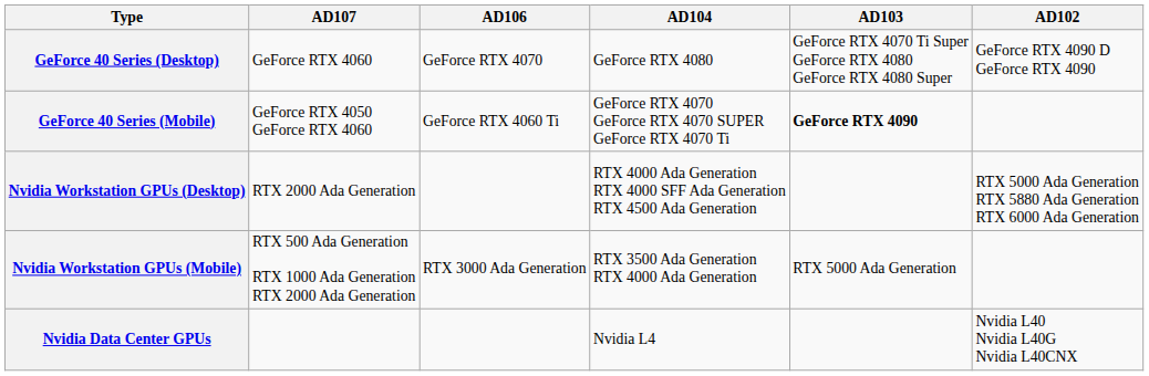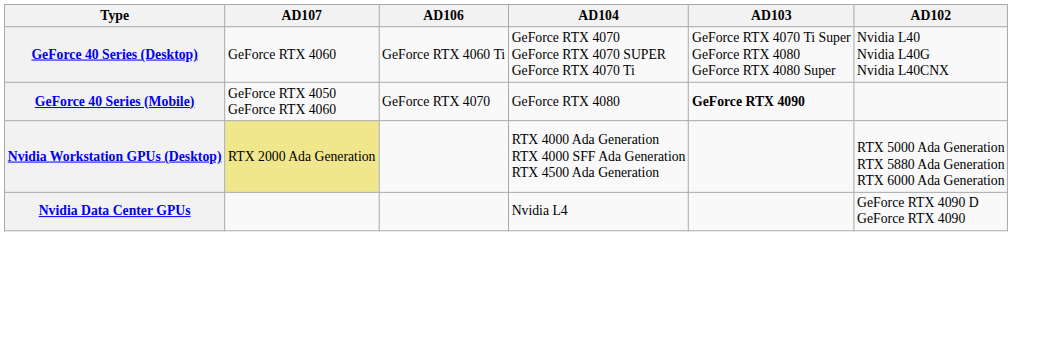 <table class="wikitable" style="font-size:85%; text-align:left;">
 <tr>
 <th>Type</th>
 <th>AD107</th>
 <th>AD106</th>
 <th>AD104</th>
 <th>AD103</th>
 <th>AD102</th>
 </tr>
 <tr>
 <th><a href='#'>GeForce 40 Series (Desktop)</a></th>
 <td>GeForce RTX 4060</td>
-<td>GeForce RTX 4070</td>
-<td>GeForce RTX 4080</td>
+<td>GeForce RTX 4060 Ti</td>
+<td>GeForce RTX 4070<br>GeForce RTX 4070 SUPER<br>GeForce RTX 4070 Ti</td>
 <td>GeForce RTX 4070 Ti Super<br>GeForce RTX 4080<br>GeForce RTX 4080 Super</td>
-<td>GeForce RTX 4090 D<br>GeForce RTX 4090</td>
+<td>Nvidia L40<br>Nvidia L40G<br>Nvidia L40CNX</td>
 </tr>
 <tr>
 <th><a href='#'>GeForce 40 Series (Mobile)</a></th>
 <td>GeForce RTX 4050<br>GeForce RTX 4060</td>
-<td>GeForce RTX 4060 Ti</td>
-<td>GeForce RTX 4070<br>GeForce RTX 4070 SUPER<br>GeForce RTX 4070 Ti</td>
+<td>GeForce RTX 4070</td>
+<td>GeForce RTX 4080</td>
 <td><strong>GeForce RTX 4090</strong></td>
 <td></td>
 </tr>
 <tr>
 <th><a href='#'>Nvidia Workstation GPUs (Desktop)</a></th>
-<td>RTX 2000 Ada Generation</td>
+<td style="background: khaki;">RTX 2000 Ada Generation</td>
 <td></td>
 <td>RTX 4000 Ada Generation<br>RTX 4000 SFF Ada Generation<br>RTX 4500 Ada Generation</td>
 <td></td>
 <td><br>RTX 5000 Ada Generation<br>RTX 5880 Ada Generation<br>RTX 6000 Ada Generation</td>
-</tr>
-<tr>
-<th><a href='#'>Nvidia Workstation GPUs (Mobile)</a></th>
-<td>RTX 500 Ada Generation<br><br>RTX 1000 Ada Generation<br> RTX 2000 Ada Generation</td>
-<td>RTX 3000 Ada Generation</td>
-<td>RTX 3500 Ada Generation<br>RTX 4000 Ada Generation</td>
-<td>RTX 5000 Ada Generation</td>
-<td></td>
 </tr>
 <tr>
 <th><a href='#'>Nvidia Data Center GPUs</a></th>
 <td></td>
 <td></td>
 <td>Nvidia L4</td>
 <td></td>
-<td>Nvidia L40<br>Nvidia L40G<br>Nvidia L40CNX</td>
+<td>GeForce RTX 4090 D<br>GeForce RTX 4090</td>
 </tr>
 </table>
